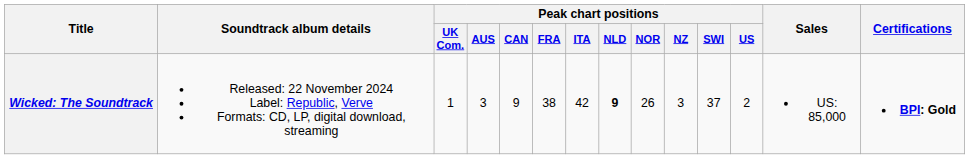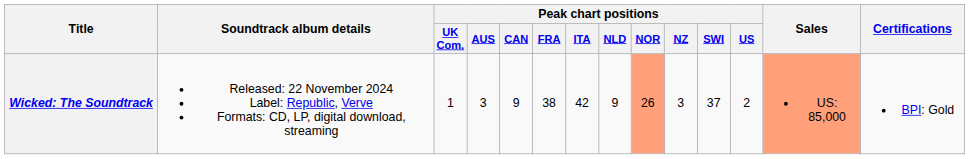 <table class="wikitable plainrowheaders" style="text-align:center;">
 <tr>
 <th scope="col" style="width:12em;" rowspan="2">Title</th>
 <th scope="col" rowspan="2">Soundtrack album details</th>
 <th scope="col" colspan="10">Peak chart positions</th>
 <th scope="col" rowspan="2">Sales</th>
 <th scope="col" rowspan="2" style="width:8em;"><a href='#'>Certifications</a></th>
 </tr>
 <tr>
 <th scope="col" style="width:2.5em;font-size:90%;"><a href='#'>UK Com.</a><br></th>
 <th scope="col" style="width:2.5em;font-size:90%;"><a href='#'>AUS</a><br></th>
 <th scope="col" style="width:2.5em;font-size:90%;"><a href='#'>CAN</a><br></th>
 <th scope="col" style="width:2.5em;font-size:90%;"><a href='#'>FRA</a><br></th>
 <th scope="col" style="width:2.5em;font-size:90%;"><a href='#'>ITA</a><br></th>
 <th scope="col" style="width:2.5em;font-size:90%;"><a href='#'>NLD</a><br></th>
 <th scope="col" style="width:2.5em;font-size:90%;"><a href='#'>NOR</a><br></th>
 <th scope="col" style="width:2.5em;font-size:90%;"><a href='#'>NZ</a><br></th>
 <th scope="col" style="width:2.5em;font-size:90%;"><a href='#'>SWI</a><br></th>
 <th scope="col" style="width:2.5em;font-size:90%;"><a href='#'>US</a><br></th>
 </tr>
 <tr>
 <th scope="row"><em><a href='#'>Wicked: The Soundtrack</a></em><br></th>
 <td><br><ul><li>Released: 22 November 2024</li><li>Label: <a href='#'>Republic</a>, <a href='#'>Verve</a></li><li>Formats: CD, LP, digital download, streaming</li></ul></td>
 <td>1</td>
 <td>3</td>
 <td>9</td>
 <td>38</td>
 <td>42</td>
-<td><strong>9</strong></td>
-<td>26</td>
+<td>9</td>
+<td style="background: lightsalmon;">26</td>
 <td>3</td>
 <td>37</td>
 <td>2</td>
-<td><br><ul><li>US: 85,000</li></ul></td>
-<td><strong><br><ul><li><a href='#'>BPI</a>: Gold</li></ul></strong></td>
+<td style="background: lightsalmon;"><br><ul><li>US: 85,000</li></ul></td>
+<td><br><ul><li><a href='#'>BPI</a>: Gold</li></ul></td>
 </tr>
 </table>
